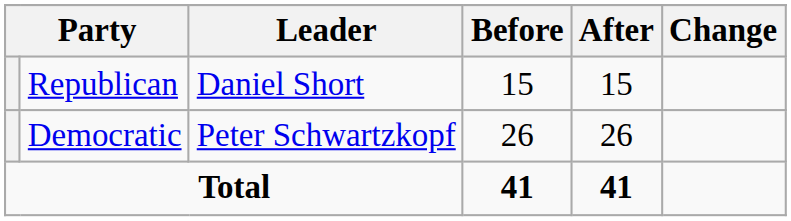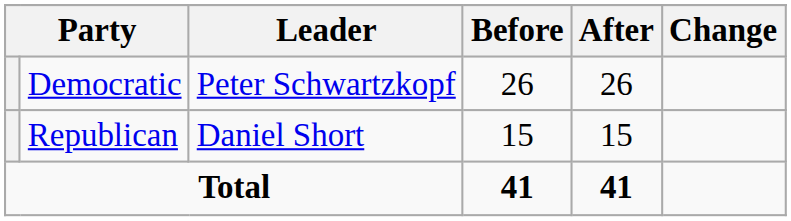 <table class="wikitable" style="text-align:center;">
 <tr>
 </tr>
 <tr>
 <th colspan=2>Party</th>
 <th>Leader</th>
 <th>Before</th>
 <th>After</th>
 <th>Change</th>
 </tr>
 <tr>
 <th style="background-color:"></th>
+<td style="text-align:left;"><a href='#'>Democratic</a></td>
+<td style="text-align:left;"><a href='#'>Peter Schwartzkopf</a></td>
+<td>26</td>
+<td>26</td>
+<td></td>
+</tr>
+<tr>
+<th style="background-color:"></th>
 <td style="text-align:left;"><a href='#'>Republican</a></td>
 <td style="text-align:left;"><a href='#'>Daniel Short</a></td>
 <td>15</td>
 <td>15</td>
-<td></td>
-</tr>
-<tr>
-<th style="background-color:"></th>
-<td style="text-align:left;"><a href='#'>Democratic</a></td>
-<td style="text-align:left;"><a href='#'>Peter Schwartzkopf</a></td>
-<td>26</td>
-<td>26</td>
 <td></td>
 </tr>
 <tr>
 <td colspan=3><strong>Total</strong></td>
 <td><strong>41</strong></td>
 <td><strong>41</strong></td>
 <td></td>
 </tr>
 </table>
